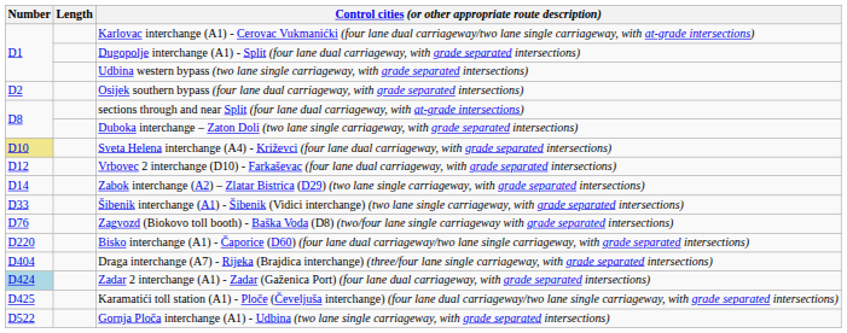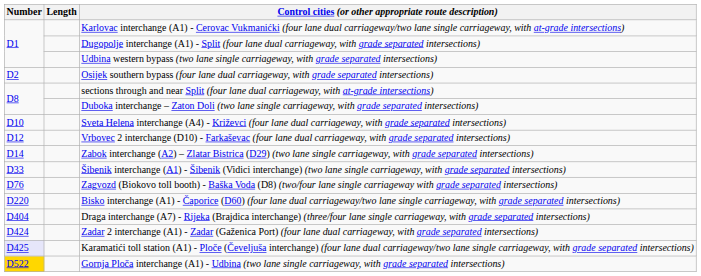 <table class="wikitable">
 <tr>
 <th>Number</th>
 <th>Length</th>
 <th><a href='#'>Control cities</a> <em>(or other appropriate route description)</em></th>
 </tr>
 <tr>
 <td rowspan="3"> <a href='#'>D1</a></td>
 <td></td>
 <td><a href='#'>Karlovac</a> interchange (A1) - <a href='#'>Cerovac Vukmanićki</a> <em>(four lane dual carriageway/two lane single carriageway, with <a href='#'>at-grade intersections</a>)</em></td>
 </tr>
 <tr>
 <td></td>
 <td><a href='#'>Dugopolje</a> interchange (A1) - <a href='#'>Split</a> <em>(four lane dual carriageway, with <a href='#'>grade separated</a> intersections)</em></td>
 </tr>
 <tr>
 <td></td>
 <td><a href='#'>Udbina</a> western bypass <em>(two lane single carriageway, with <a href='#'>grade separated</a> intersections)</em></td>
 </tr>
 <tr>
 <td style="white-space: nowrap"> <a href='#'>D2</a></td>
 <td></td>
 <td><a href='#'>Osijek</a> southern bypass <em>(four lane dual carriageway, with <a href='#'>grade separated</a> intersections)</em></td>
 </tr>
 <tr>
 <td rowspan="2"> <a href='#'>D8</a></td>
 <td></td>
 <td>sections through and near <a href='#'>Split</a> <em>(four lane dual carriageway, with <a href='#'>at-grade intersections</a>)</em></td>
 </tr>
 <tr>
 <td></td>
 <td><a href='#'>Duboka</a> interchange – <a href='#'>Zaton Doli</a> <em>(two lane single carriageway, with <a href='#'>grade separated</a> intersections)</em></td>
 </tr>
 <tr>
-<td style="background: khaki; white-space: nowrap"> <a href='#'>D10</a></td>
+<td style="white-space: nowrap"> <a href='#'>D10</a></td>
 <td></td>
 <td><a href='#'>Sveta Helena</a> interchange (A4) - <a href='#'>Križevci</a> <em>(four lane dual carriageway, with <a href='#'>grade separated</a> intersections)</em></td>
 </tr>
 <tr>
 <td style="white-space: nowrap"> <a href='#'>D12</a></td>
 <td></td>
 <td><a href='#'>Vrbovec</a> 2 interchange (D10) - <a href='#'>Farkaševac</a> <em>(four lane dual carriageway, with <a href='#'>grade separated</a> intersections)</em></td>
 </tr>
 <tr>
 <td style="white-space: nowrap"> <a href='#'>D14</a></td>
 <td></td>
 <td><a href='#'>Zabok</a> interchange (<a href='#'>A2</a>) – <a href='#'>Zlatar Bistrica</a> (<a href='#'>D29</a>) <em>(two lane single carriageway, with <a href='#'>grade separated</a> intersections)</em></td>
 </tr>
 <tr>
 <td style="white-space: nowrap"> <a href='#'>D33</a></td>
 <td></td>
 <td><a href='#'>Šibenik</a> interchange (<a href='#'>A1</a>) - <a href='#'>Šibenik</a> (Vidici interchange) <em>(two lane single carriageway, with <a href='#'>grade separated</a> intersections)</em></td>
 </tr>
 <tr>
 <td style="white-space: nowrap"> <a href='#'>D76</a></td>
 <td></td>
 <td><a href='#'>Zagvozd</a> (Biokovo toll booth) - <a href='#'>Baška Voda</a> (D8) <em>(two/four lane single carriageway with <a href='#'>grade separated</a> intersections)</em></td>
 </tr>
 <tr>
 <td style="white-space: nowrap"> <a href='#'>D220</a></td>
 <td></td>
 <td><a href='#'>Bisko</a> interchange (A1) - <a href='#'>Čaporice</a> (<a href='#'>D60</a>) <em>(four lane dual carriageway/two lane single carriageway, with <a href='#'>grade separated</a> intersections)</em></td>
 </tr>
 <tr>
 <td style="white-space: nowrap"> <a href='#'>D404</a></td>
 <td></td>
 <td>Draga interchange (A7) - <a href='#'>Rijeka</a> (Brajdica interchange) <em>(three/four lane single carriageway, with <a href='#'>grade separated</a> intersections)</em></td>
 </tr>
 <tr>
-<td style="background: lightblue; white-space: nowrap"> <a href='#'>D424</a></td>
+<td style="white-space: nowrap"> <a href='#'>D424</a></td>
 <td></td>
 <td><a href='#'>Zadar</a> 2 interchange (A1) - <a href='#'>Zadar</a> (Gaženica Port) <em>(four lane dual carriageway, with <a href='#'>grade separated</a> intersections)</em></td>
 </tr>
 <tr>
-<td style="white-space: nowrap"> <a href='#'>D425</a></td>
+<td style="background: lavender; white-space: nowrap"> <a href='#'>D425</a></td>
 <td></td>
 <td>Karamatići toll station (A1) - <a href='#'>Ploče</a> (<a href='#'>Čeveljuša</a> interchange) <em>(four lane dual carriageway/two lane single carriageway, with <a href='#'>grade separated</a> intersections)</em></td>
 </tr>
 <tr>
-<td style="white-space: nowrap"> <a href='#'>D522</a></td>
+<td style="background: gold; white-space: nowrap"> <a href='#'>D522</a></td>
 <td></td>
 <td><a href='#'>Gornja Ploča</a> interchange (A1) - <a href='#'>Udbina</a> <em>(two lane single carriageway, with <a href='#'>grade separated</a> intersections)</em></td>
 </tr>
 </table>
